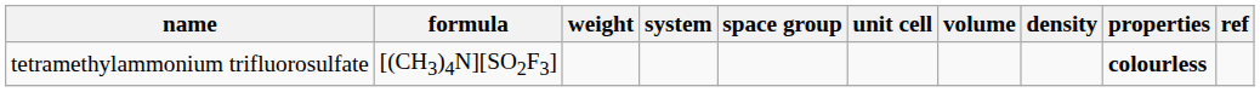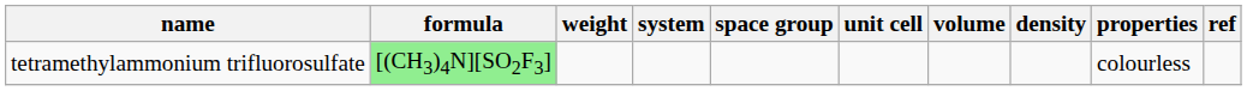 <table class="wikitable">
 <tr>
 <th>name</th>
 <th>formula</th>
 <th>weight</th>
 <th>system</th>
 <th>space group</th>
 <th>unit cell</th>
 <th>volume</th>
 <th>density</th>
 <th>properties</th>
 <th>ref</th>
 </tr>
 <tr>
 <td>tetramethylammonium trifluorosulfate</td>
-<td>[(CH<sub>3</sub>)<sub>4</sub>N][SO<sub>2</sub>F<sub>3</sub>]</td>
+<td style="background: lightgreen;">[(CH<sub>3</sub>)<sub>4</sub>N][SO<sub>2</sub>F<sub>3</sub>]</td>
 <td></td>
 <td></td>
 <td></td>
 <td></td>
 <td></td>
 <td></td>
-<td><strong>colourless</strong></td>
+<td>colourless</td>
 <td></td>
 </tr>
 <tr>
 </tr>
 </table>
